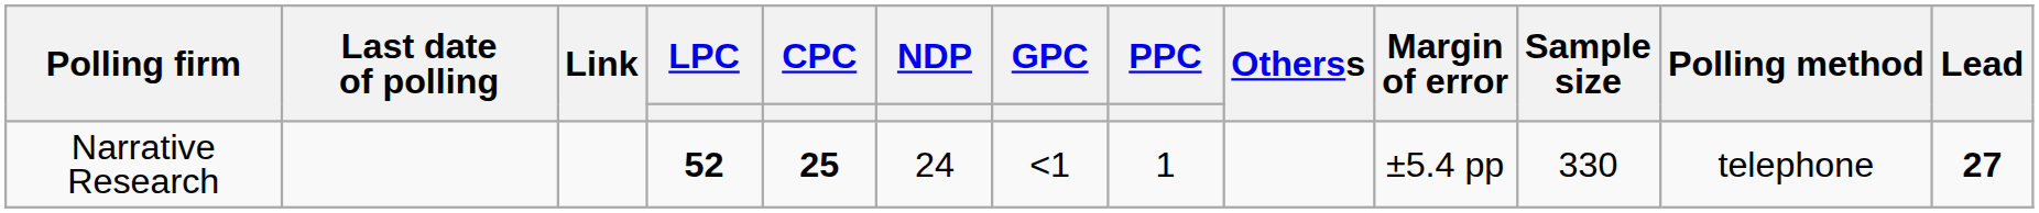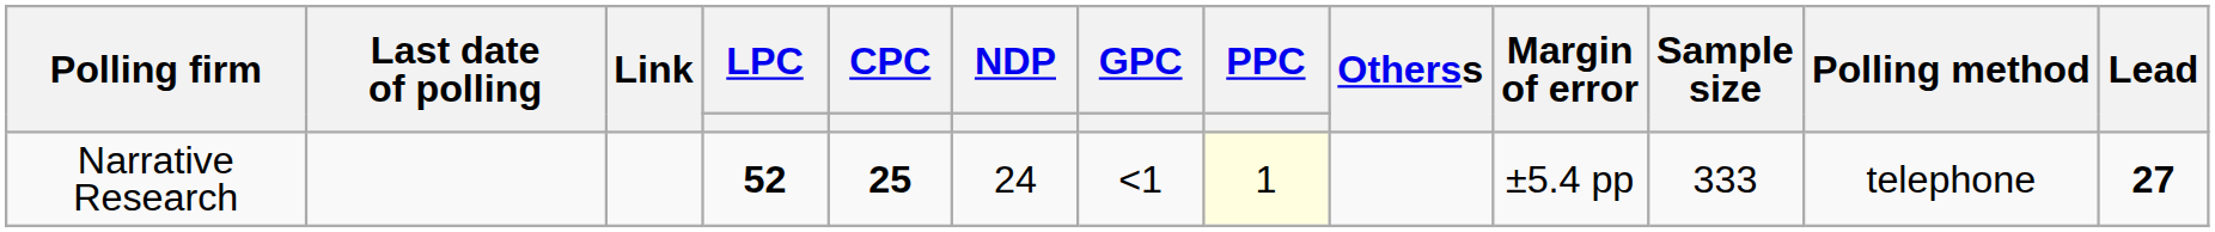 <table class="wikitable sortable mw-datatable" style="text-align:center;font-size:90%;line-height:14px;">
 <tr style="height:40px;">
 <th style="width:105px;" rowspan="2">Polling firm</th>
 <th style="width:105px;" rowspan="2">Last date<br>of polling</th>
 <th rowspan="2">Link</th>
 <th class="unsortable" style="width:40px;"><a href='#'>LPC</a></th>
 <th class="unsortable" style="width:40px;"><a href='#'>CPC</a></th>
 <th class="unsortable" style="width:40px;"><a href='#'>NDP</a></th>
 <th class="unsortable" style="width:40px;"><a href='#'>GPC</a></th>
 <th class="unsortable" style="width:40px;"><a href='#'>PPC</a></th>
 <th rowspan="2" style="width:40px"><a href='#'>Others</a>s</th>
 <th rowspan="2">Margin<br>of error</th>
 <th rowspan="2">Sample<br>size</th>
 <th rowspan="2">Polling method</th>
 <th rowspan="2">Lead</th>
 </tr>
 <tr>
 <th style="background:"></th>
 <th style="background:"></th>
 <th style="background:"></th>
 <th style="background:"></th>
 <th style="background:"></th>
 </tr>
 <tr>
 <td>Narrative Research</td>
 <td></td>
 <td></td>
 <td><strong>52</strong></td>
 <td><strong>25</strong></td>
 <td>24</td>
 <td><1</td>
-<td>1</td>
+<td style="background: lightyellow;">1</td>
 <td></td>
 <td>±5.4 pp</td>
-<td>330</td>
+<td>333</td>
 <td>telephone</td>
 <td><strong>27</strong></td>
 </tr>
 </table>
